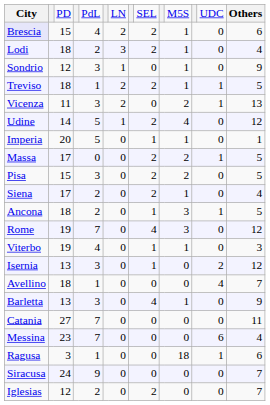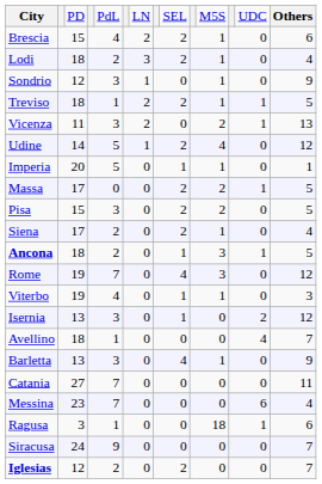 <table class="wikitable" style="text-align:right; padding-left:1em">
 <tr>
 <th align="left">City</th>
 <th style="background-color: "></th>
 <td><a href='#'>PD</a></td>
 <th style="background-color: "></th>
 <td><a href='#'>PdL</a></td>
 <th style="background-color: "></th>
 <td><a href='#'>LN</a></td>
 <th style="background-color: "></th>
 <td><a href='#'>SEL</a></td>
 <th style="background-color: "></th>
 <td><a href='#'>M5S</a></td>
 <th style="background-color: "></th>
 <td><a href='#'>UDC</a></td>
 <th colspan=2>Others</th>
 </tr>
 <tr>
-<td align=left style="background: lavender;"><a href='#'>Brescia</a></td>
+<td align=left><a href='#'>Brescia</a></td>
 <td colspan=2>15</td>
 <td colspan=2>4</td>
 <td colspan=2>2</td>
 <td colspan=2>2</td>
 <td colspan=2>1</td>
 <td colspan=2>0</td>
 <td colspan=2>6</td>
 </tr>
 <tr bgcolor=F3F3FF>
 <td align=left><a href='#'>Lodi</a></td>
 <td colspan=2>18</td>
 <td colspan=2>2</td>
 <td colspan=2>3</td>
 <td colspan=2>2</td>
 <td colspan=2>1</td>
 <td colspan=2>0</td>
 <td colspan=2>4</td>
 </tr>
 <tr>
 <td align=left><a href='#'>Sondrio</a></td>
 <td colspan=2>12</td>
 <td colspan=2>3</td>
 <td colspan=2>1</td>
 <td colspan=2>0</td>
 <td colspan=2>1</td>
 <td colspan=2>0</td>
 <td colspan=2>9</td>
 </tr>
 <tr bgcolor=F3F3FF>
 <td align=left><a href='#'>Treviso</a></td>
 <td colspan=2>18</td>
 <td colspan=2>1</td>
 <td colspan=2>2</td>
 <td colspan=2>2</td>
 <td colspan=2>1</td>
 <td colspan=2>1</td>
 <td colspan=2>5</td>
 </tr>
 <tr>
 <td align=left><a href='#'>Vicenza</a></td>
 <td colspan=2>11</td>
 <td colspan=2>3</td>
 <td colspan=2>2</td>
 <td colspan=2>0</td>
 <td colspan=2>2</td>
 <td colspan=2>1</td>
 <td colspan=2>13</td>
 </tr>
 <tr bgcolor=F3F3FF>
 <td align=left><a href='#'>Udine</a></td>
 <td colspan=2>14</td>
 <td colspan=2>5</td>
 <td colspan=2>1</td>
 <td colspan=2>2</td>
 <td colspan=2>4</td>
 <td colspan=2>0</td>
 <td colspan=2>12</td>
 </tr>
 <tr>
 <td align=left><a href='#'>Imperia</a></td>
 <td colspan=2>20</td>
 <td colspan=2>5</td>
 <td colspan=2>0</td>
 <td colspan=2>1</td>
 <td colspan=2>1</td>
 <td colspan=2>0</td>
 <td colspan=2>1</td>
 </tr>
 <tr bgcolor=F3F3FF>
 <td align=left><a href='#'>Massa</a></td>
 <td colspan=2>17</td>
 <td colspan=2>0</td>
 <td colspan=2>0</td>
 <td colspan=2>2</td>
 <td colspan=2>2</td>
 <td colspan=2>1</td>
 <td colspan=2>5</td>
 </tr>
 <tr>
 <td align=left><a href='#'>Pisa</a></td>
 <td colspan=2>15</td>
 <td colspan=2>3</td>
 <td colspan=2>0</td>
 <td colspan=2>2</td>
 <td colspan=2>2</td>
 <td colspan=2>0</td>
 <td colspan=2>5</td>
 </tr>
 <tr bgcolor=F3F3FF>
 <td align=left><a href='#'>Siena</a></td>
 <td colspan=2>17</td>
 <td colspan=2>2</td>
 <td colspan=2>0</td>
 <td colspan=2>2</td>
 <td colspan=2>1</td>
 <td colspan=2>0</td>
 <td colspan=2>4</td>
 </tr>
 <tr>
-<td align=left><a href='#'>Ancona</a></td>
+<td align=left><strong><a href='#'>Ancona</a></strong></td>
 <td colspan=2>18</td>
 <td colspan=2>2</td>
 <td colspan=2>0</td>
 <td colspan=2>1</td>
 <td colspan=2>3</td>
 <td colspan=2>1</td>
 <td colspan=2>5</td>
 </tr>
 <tr bgcolor=F3F3FF>
 <td align=left><a href='#'>Rome</a></td>
 <td colspan=2>19</td>
 <td colspan=2>7</td>
 <td colspan=2>0</td>
 <td colspan=2>4</td>
 <td colspan=2>3</td>
 <td colspan=2>0</td>
 <td colspan=2>12</td>
 </tr>
 <tr>
 <td align=left><a href='#'>Viterbo</a></td>
 <td colspan=2>19</td>
 <td colspan=2>4</td>
 <td colspan=2>0</td>
 <td colspan=2>1</td>
 <td colspan=2>1</td>
 <td colspan=2>0</td>
 <td colspan=2>3</td>
 </tr>
 <tr bgcolor=F3F3FF>
 <td align=left><a href='#'>Isernia</a></td>
 <td colspan=2>13</td>
 <td colspan=2>3</td>
 <td colspan=2>0</td>
 <td colspan=2>1</td>
 <td colspan=2>0</td>
 <td colspan=2>2</td>
 <td colspan=2>12</td>
 </tr>
 <tr>
 <td align=left><a href='#'>Avellino</a></td>
 <td colspan=2>18</td>
 <td colspan=2>1</td>
 <td colspan=2>0</td>
 <td colspan=2>0</td>
 <td colspan=2>0</td>
 <td colspan=2>4</td>
 <td colspan=2>7</td>
 </tr>
 <tr bgcolor=F3F3FF>
 <td align=left><a href='#'>Barletta</a></td>
 <td colspan=2>13</td>
 <td colspan=2>3</td>
 <td colspan=2>0</td>
 <td colspan=2>4</td>
 <td colspan=2>1</td>
 <td colspan=2>0</td>
 <td colspan=2>9</td>
 </tr>
 <tr>
 <td align=left><a href='#'>Catania</a></td>
 <td colspan=2>27</td>
 <td colspan=2>7</td>
 <td colspan=2>0</td>
 <td colspan=2>0</td>
 <td colspan=2>0</td>
 <td colspan=2>0</td>
 <td colspan=2>11</td>
 </tr>
 <tr bgcolor=F3F3FF>
 <td align=left><a href='#'>Messina</a></td>
 <td colspan=2>23</td>
 <td colspan=2>7</td>
 <td colspan=2>0</td>
 <td colspan=2>0</td>
 <td colspan=2>0</td>
 <td colspan=2>6</td>
 <td colspan=2>4</td>
 </tr>
 <tr>
 <td align=left><a href='#'>Ragusa</a></td>
 <td colspan=2>3</td>
 <td colspan=2>1</td>
 <td colspan=2>0</td>
 <td colspan=2>0</td>
 <td colspan=2>18</td>
 <td colspan=2>1</td>
 <td colspan=2>6</td>
 </tr>
 <tr bgcolor=F3F3FF>
 <td align=left><a href='#'>Siracusa</a></td>
 <td colspan=2>24</td>
 <td colspan=2>9</td>
 <td colspan=2>0</td>
 <td colspan=2>0</td>
 <td colspan=2>0</td>
 <td colspan=2>0</td>
 <td colspan=2>7</td>
 </tr>
 <tr>
-<td align=left><a href='#'>Iglesias</a></td>
+<td align=left><strong><a href='#'>Iglesias</a></strong></td>
 <td colspan=2>12</td>
 <td colspan=2>2</td>
 <td colspan=2>0</td>
 <td colspan=2>2</td>
 <td colspan=2>0</td>
 <td colspan=2>0</td>
 <td colspan=2>7</td>
 </tr>
 </table>
